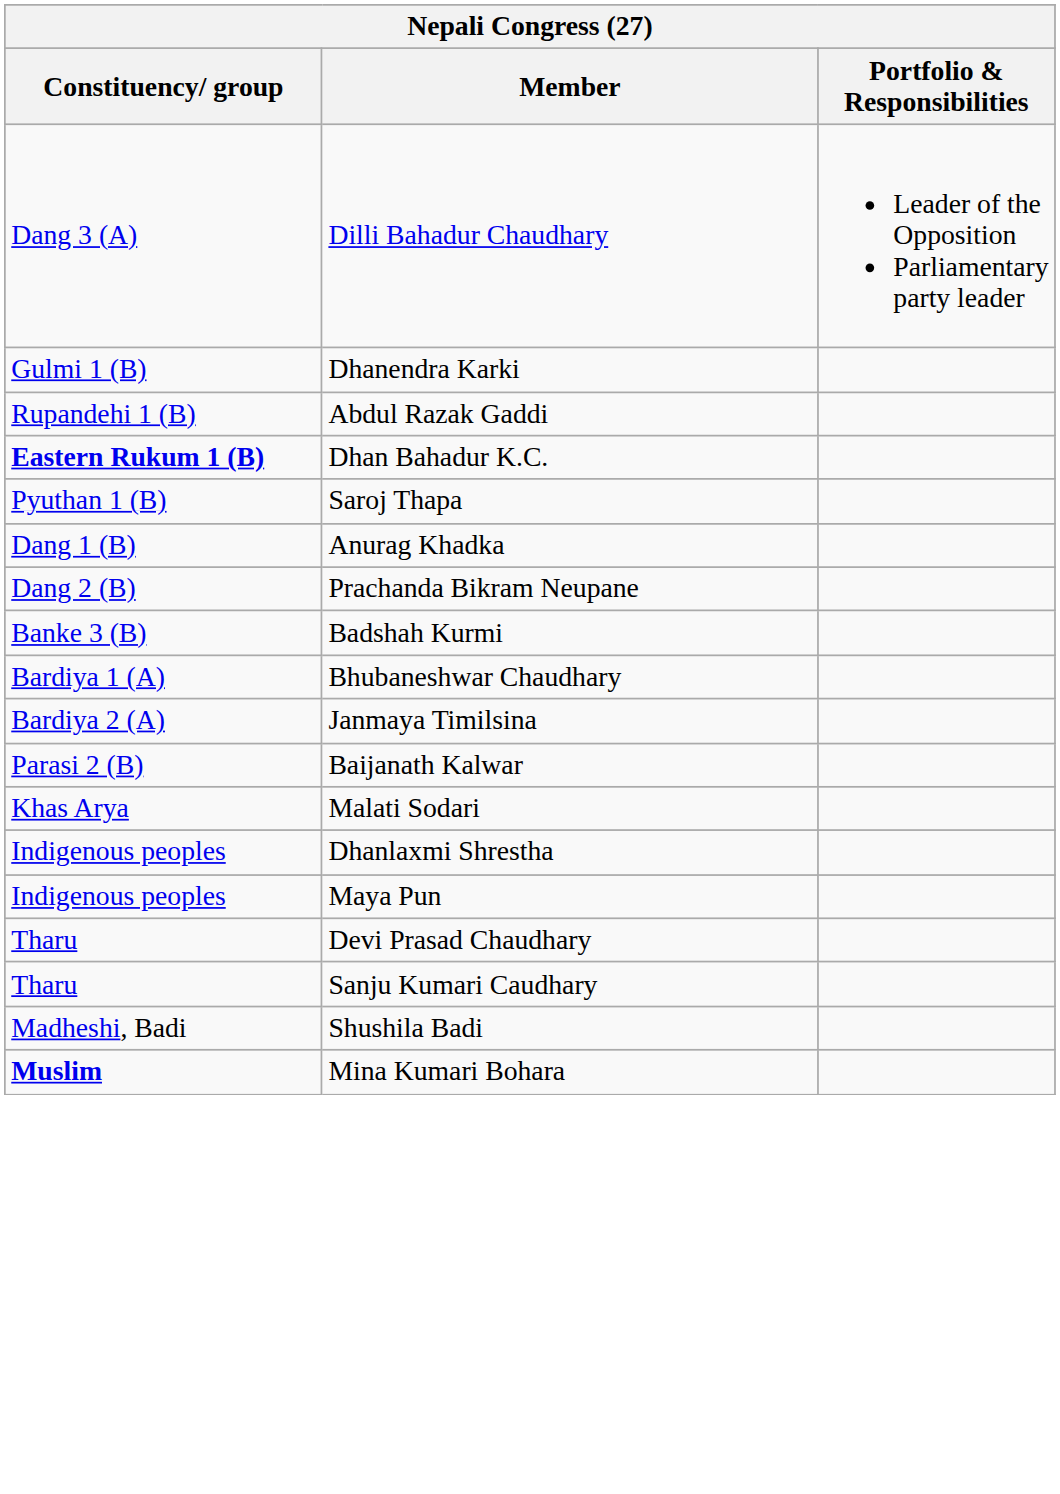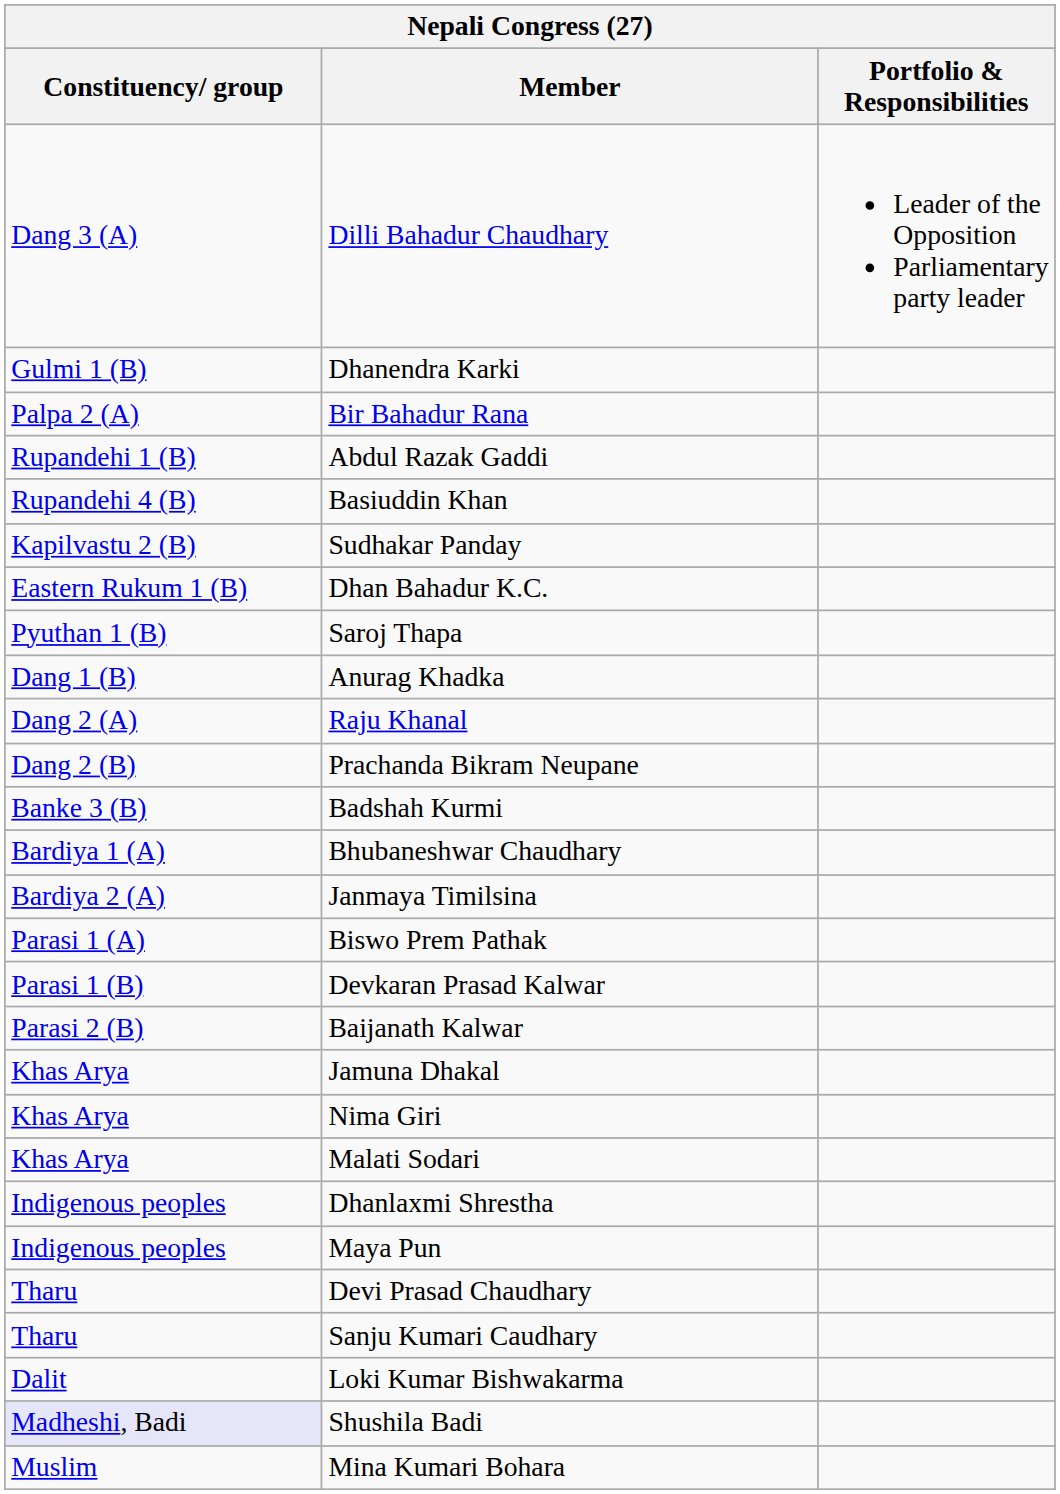 <table class="wikitable sortable mw-collapsible mw-collapsed">
 <tr>
 <th colspan="3" style="width: 800pt; background:">Nepali Congress (27)</th>
 </tr>
 <tr>
 <th style="width:150pt;">Constituency/ group</th>
 <th style="width:250pt;">Member</th>
 <th>Portfolio & Responsibilities</th>
 </tr>
 <tr>
 <td><a href='#'>Dang 3 (A)</a></td>
 <td><a href='#'>Dilli Bahadur Chaudhary</a></td>
 <td><br><ul><li>Leader of the Opposition</li><li>Parliamentary party leader</li></ul></td>
 </tr>
 <tr>
 <td><a href='#'>Gulmi 1 (B)</a></td>
 <td>Dhanendra Karki</td>
 <td></td>
 </tr>
 <tr>
+<td><a href='#'>Palpa 2 (A)</a></td>
+<td><a href='#'>Bir Bahadur Rana</a></td>
+<td></td>
+</tr>
+<tr>
 <td><a href='#'>Rupandehi 1 (B)</a></td>
 <td>Abdul Razak Gaddi</td>
 <td></td>
 </tr>
 <tr>
-<td><strong><a href='#'>Eastern Rukum 1 (B)</a></strong></td>
+<td><a href='#'>Rupandehi 4 (B)</a></td>
+<td>Basiuddin Khan</td>
+<td></td>
+</tr>
+<tr>
+<td><a href='#'>Kapilvastu 2 (B)</a></td>
+<td>Sudhakar Panday</td>
+<td></td>
+</tr>
+<tr>
+<td><a href='#'>Eastern Rukum 1 (B)</a></td>
 <td>Dhan Bahadur K.C.</td>
 <td></td>
 </tr>
 <tr>
 <td><a href='#'>Pyuthan 1 (B)</a></td>
 <td>Saroj Thapa</td>
 <td></td>
 </tr>
 <tr>
 <td><a href='#'>Dang 1 (B)</a></td>
 <td>Anurag Khadka</td>
+<td></td>
+</tr>
+<tr>
+<td><a href='#'>Dang 2 (A)</a></td>
+<td><a href='#'>Raju Khanal</a></td>
 <td></td>
 </tr>
 <tr>
 <td><a href='#'>Dang 2 (B)</a></td>
 <td>Prachanda Bikram Neupane</td>
 <td></td>
 </tr>
 <tr>
 <td><a href='#'>Banke 3 (B)</a></td>
 <td>Badshah Kurmi</td>
 <td></td>
 </tr>
 <tr>
 <td><a href='#'>Bardiya 1 (A)</a></td>
 <td>Bhubaneshwar Chaudhary</td>
 <td></td>
 </tr>
 <tr>
 <td><a href='#'>Bardiya 2 (A)</a></td>
 <td>Janmaya Timilsina</td>
 <td></td>
 </tr>
 <tr>
+<td><a href='#'>Parasi 1 (A)</a></td>
+<td>Biswo Prem Pathak</td>
+<td></td>
+</tr>
+<tr>
+<td><a href='#'>Parasi 1 (B)</a></td>
+<td>Devkaran Prasad Kalwar</td>
+<td></td>
+</tr>
+<tr>
 <td><a href='#'>Parasi 2 (B)</a></td>
 <td>Baijanath Kalwar</td>
+<td></td>
+</tr>
+<tr>
+<td><a href='#'>Khas Arya</a></td>
+<td>Jamuna Dhakal</td>
+<td></td>
+</tr>
+<tr>
+<td><a href='#'>Khas Arya</a></td>
+<td>Nima Giri</td>
 <td></td>
 </tr>
 <tr>
 <td><a href='#'>Khas Arya</a></td>
 <td>Malati Sodari</td>
 <td></td>
 </tr>
 <tr>
 <td><a href='#'>Indigenous peoples</a></td>
 <td>Dhanlaxmi Shrestha</td>
 <td></td>
 </tr>
 <tr>
 <td><a href='#'>Indigenous peoples</a></td>
 <td>Maya Pun</td>
 <td></td>
 </tr>
 <tr>
 <td><a href='#'>Tharu</a></td>
 <td>Devi Prasad Chaudhary</td>
 <td></td>
 </tr>
 <tr>
 <td><a href='#'>Tharu</a></td>
 <td>Sanju Kumari Caudhary</td>
 <td></td>
 </tr>
 <tr>
-<td><a href='#'>Madheshi</a>, Badi</td>
+<td><a href='#'>Dalit</a></td>
+<td>Loki Kumar Bishwakarma</td>
+<td></td>
+</tr>
+<tr>
+<td style="background: lavender;"><a href='#'>Madheshi</a>, Badi</td>
 <td>Shushila Badi</td>
 <td></td>
 </tr>
 <tr>
-<td><strong><a href='#'>Muslim</a></strong></td>
+<td><a href='#'>Muslim</a></td>
 <td>Mina Kumari Bohara</td>
 <td></td>
 </tr>
 </table>
